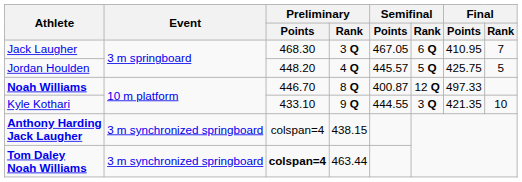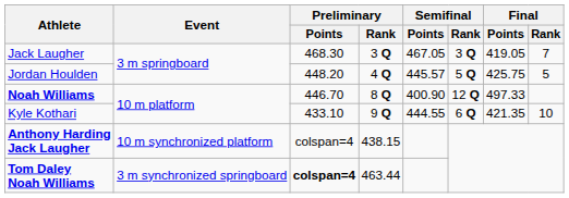 <table class=wikitable style=font-size:90%;text-align:center>
 <tr>
 <th rowspan=2>Athlete</th>
 <th rowspan=2>Event</th>
 <th colspan=2>Preliminary</th>
 <th colspan=2>Semifinal</th>
 <th colspan=2>Final</th>
 </tr>
 <tr style=font-size:95%>
 <th>Points</th>
 <th>Rank</th>
 <th>Points</th>
 <th>Rank</th>
 <th>Points</th>
 <th>Rank</th>
 </tr>
 <tr>
 <td align=left><a href='#'>Jack Laugher</a></td>
 <td align=left rowspan=2><a href='#'>3 m springboard</a></td>
 <td>468.30</td>
 <td>3 <strong>Q</strong></td>
 <td>467.05</td>
-<td>6 <strong>Q</strong></td>
-<td>410.95</td>
+<td>3 <strong>Q</strong></td>
+<td>419.05</td>
 <td>7</td>
 </tr>
 <tr>
 <td align=left><a href='#'>Jordan Houlden</a></td>
 <td>448.20</td>
 <td>4 <strong>Q</strong></td>
 <td>445.57</td>
 <td>5 <strong>Q</strong></td>
 <td>425.75</td>
 <td>5</td>
 </tr>
 <tr>
 <td align=left><strong><a href='#'>Noah Williams</a></strong></td>
 <td align=left rowspan=2><a href='#'>10 m platform</a></td>
 <td>446.70</td>
 <td>8 <strong>Q</strong></td>
-<td>400.87</td>
+<td>400.90</td>
 <td>12 <strong>Q</strong></td>
 <td>497.33</td>
 <td></td>
 </tr>
 <tr>
 <td align=left><a href='#'>Kyle Kothari</a></td>
 <td>433.10</td>
 <td>9 <strong>Q</strong></td>
 <td>444.55</td>
-<td>3 <strong>Q</strong></td>
+<td>6 <strong>Q</strong></td>
 <td>421.35</td>
 <td>10</td>
 </tr>
 <tr>
 <td align=left><strong><a href='#'>Anthony Harding</a></strong><br><strong><a href='#'>Jack Laugher</a></strong></td>
-<td align=left><a href='#'>3 m synchronized springboard</a></td>
+<td align=left><a href='#'>10 m synchronized platform</a></td>
 <td>colspan=4 </td>
 <td>438.15</td>
 <td></td>
 </tr>
 <tr>
 <td align=left><strong><a href='#'>Tom Daley</a><br><a href='#'>Noah Williams</a></strong></td>
 <td align=left><a href='#'>3 m synchronized springboard</a></td>
 <td><strong>colspan=4 </strong></td>
 <td>463.44</td>
 <td></td>
 </tr>
 </table>
